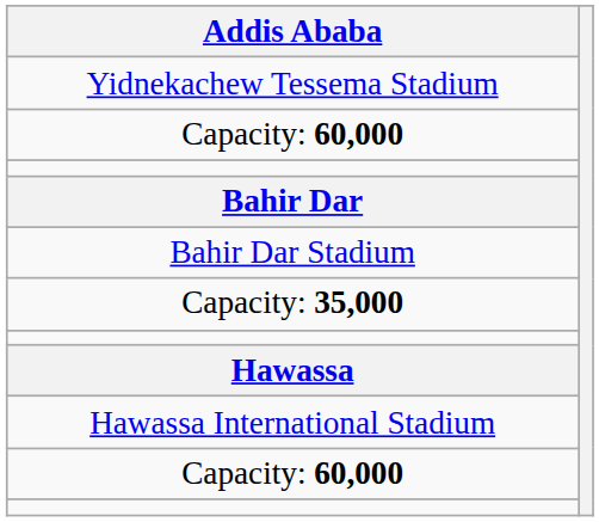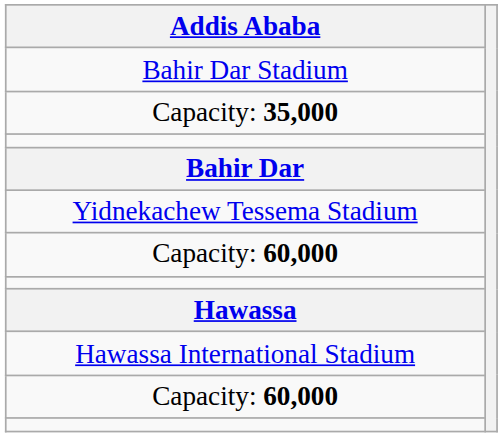 <table class="wikitable" style="margin:1em auto; text-align:center">
 <tr>
 <th width=275><a href='#'>Addis Ababa</a></th>
 <th rowspan="12"><br></th>
 </tr>
 <tr>
-<td><a href='#'>Yidnekachew Tessema Stadium</a></td>
+<td><a href='#'>Bahir Dar Stadium</a></td>
 </tr>
 <tr>
-<td>Capacity: <strong>60,000</strong></td>
+<td>Capacity: <strong>35,000</strong></td>
 </tr>
 <tr>
 <td></td>
 </tr>
 <tr>
 <th width=275><a href='#'>Bahir Dar</a></th>
 </tr>
 <tr>
-<td><a href='#'>Bahir Dar Stadium</a></td>
+<td><a href='#'>Yidnekachew Tessema Stadium</a></td>
 </tr>
 <tr>
-<td>Capacity: <strong>35,000</strong></td>
+<td>Capacity: <strong>60,000</strong></td>
 </tr>
 <tr>
 <td></td>
 </tr>
 <tr>
 <th><a href='#'>Hawassa</a></th>
 </tr>
 <tr>
 <td><a href='#'>Hawassa International Stadium</a></td>
 </tr>
 <tr>
 <td>Capacity: <strong>60,000</strong></td>
 </tr>
 <tr>
 <td></td>
 </tr>
 </table>
